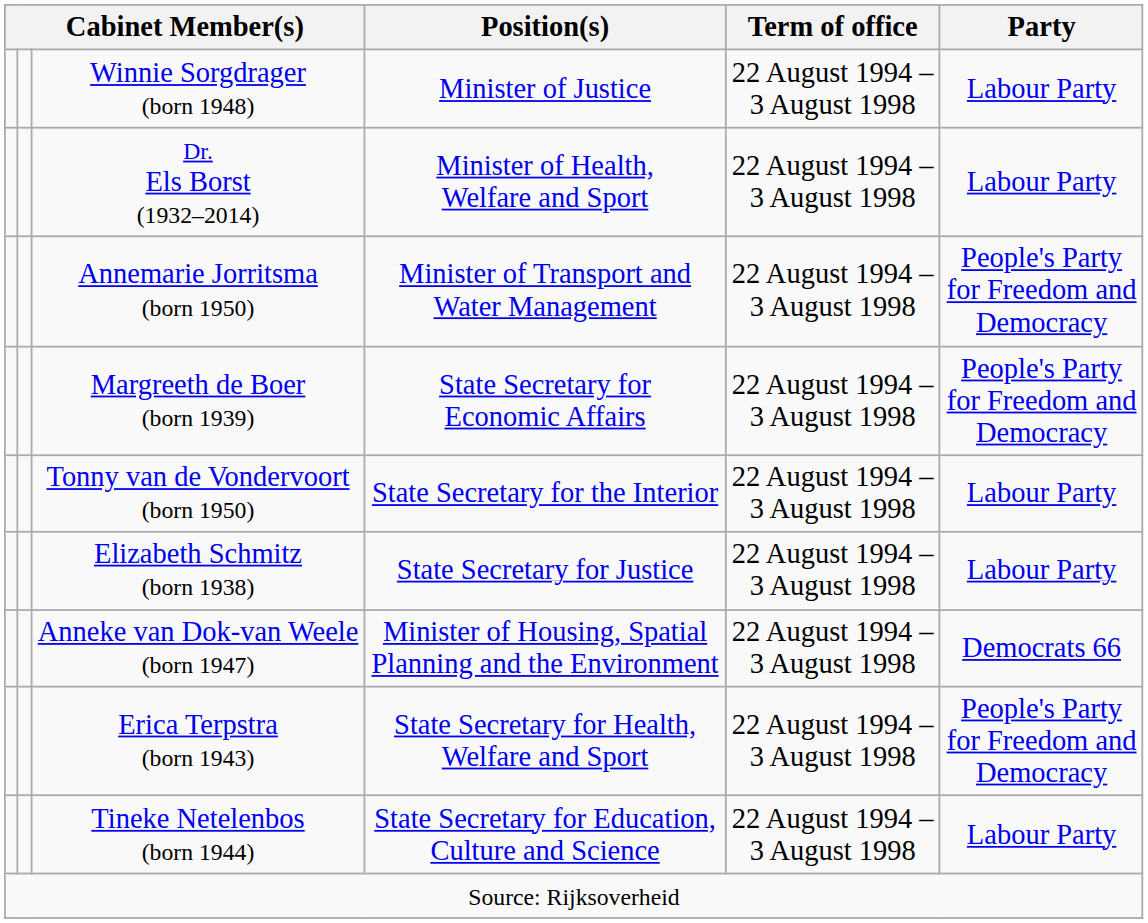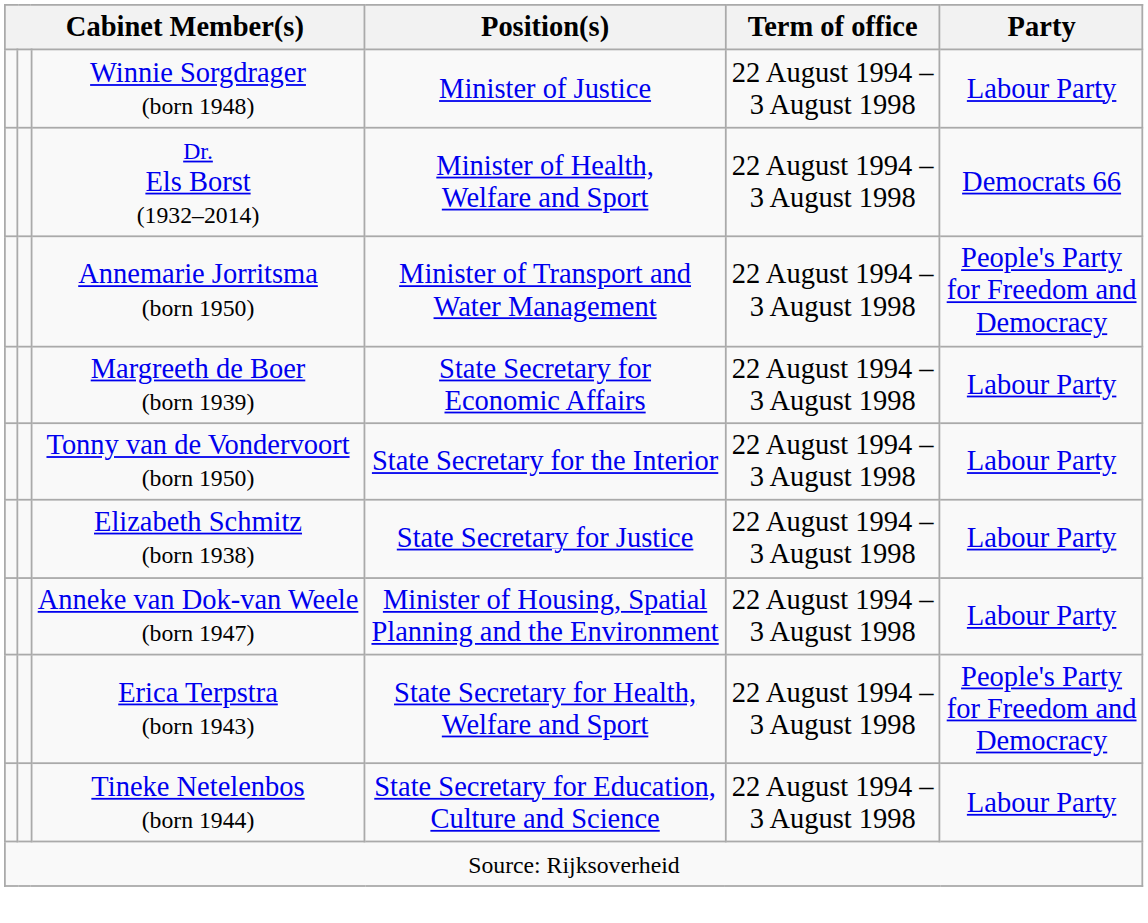 <table class="wikitable" style="text-align:center">
 <tr>
 <th colspan=3>Cabinet Member(s)</th>
 <th>Position(s)</th>
 <th>Term of office</th>
 <th>Party</th>
 </tr>
 <tr>
 <td style="background:"></td>
 <td></td>
 <td><a href='#'>Winnie Sorgdrager</a> <br> <small>(born 1948)</small></td>
 <td><a href='#'>Minister of Justice</a></td>
 <td>22 August 1994 – <br> 3 August 1998</td>
 <td><a href='#'>Labour Party</a></td>
 </tr>
 <tr>
 <td style="background:"></td>
 <td></td>
 <td><small><a href='#'>Dr.</a></small> <br> <a href='#'>Els Borst</a> <br> <small>(1932–2014)</small></td>
 <td><a href='#'>Minister of Health, <br> Welfare and Sport</a></td>
 <td>22 August 1994 – <br> 3 August 1998</td>
-<td><a href='#'>Labour Party</a></td>
+<td><a href='#'>Democrats 66</a></td>
 </tr>
 <tr>
 <td style="background:"></td>
 <td></td>
 <td><a href='#'>Annemarie Jorritsma</a> <br> <small>(born 1950)</small></td>
 <td><a href='#'>Minister of Transport and <br> Water Management</a></td>
 <td>22 August 1994 – <br> 3 August 1998</td>
 <td><a href='#'>People's Party <br> for Freedom and <br> Democracy</a></td>
 </tr>
 <tr>
 <td style="background:"></td>
 <td></td>
 <td><a href='#'>Margreeth de Boer</a> <br> <small>(born 1939)</small></td>
 <td><a href='#'>State Secretary for <br> Economic Affairs</a></td>
 <td>22 August 1994 – <br> 3 August 1998</td>
-<td><a href='#'>People's Party <br> for Freedom and <br> Democracy</a></td>
+<td><a href='#'>Labour Party</a></td>
 </tr>
 <tr>
 <td style="background:"></td>
 <td></td>
 <td><a href='#'>Tonny van de Vondervoort</a> <br> <small>(born 1950)</small></td>
 <td><a href='#'>State Secretary for the Interior</a></td>
 <td>22 August 1994 – <br> 3 August 1998</td>
 <td><a href='#'>Labour Party</a></td>
 </tr>
 <tr>
 <td style="background:"></td>
 <td></td>
 <td><a href='#'>Elizabeth Schmitz</a> <br> <small>(born 1938)</small></td>
 <td><a href='#'>State Secretary for Justice</a></td>
 <td>22 August 1994 – <br> 3 August 1998</td>
 <td><a href='#'>Labour Party</a></td>
 </tr>
 <tr>
 <td style="background:"></td>
 <td></td>
 <td><a href='#'>Anneke van Dok-van Weele</a> <br> <small>(born 1947)</small></td>
 <td><a href='#'>Minister of Housing, Spatial <br> Planning and the Environment</a></td>
 <td>22 August 1994 – <br> 3 August 1998</td>
-<td><a href='#'>Democrats 66</a></td>
+<td><a href='#'>Labour Party</a></td>
 </tr>
 <tr>
 <td style="background:"></td>
 <td></td>
 <td><a href='#'>Erica Terpstra</a> <br> <small>(born 1943)</small></td>
 <td><a href='#'>State Secretary for Health, <br> Welfare and Sport</a></td>
 <td>22 August 1994 – <br> 3 August 1998</td>
 <td><a href='#'>People's Party <br> for Freedom and <br> Democracy</a></td>
 </tr>
 <tr>
 <td style="background:"></td>
 <td></td>
 <td><a href='#'>Tineke Netelenbos</a> <br> <small>(born 1944)</small></td>
 <td><a href='#'>State Secretary for Education, <br> Culture and Science</a></td>
 <td>22 August 1994 – <br> 3 August 1998</td>
 <td><a href='#'>Labour Party</a></td>
 </tr>
 <tr>
 <td colspan=9><small>Source:   Rijksoverheid</small></td>
 </tr>
 </table>
